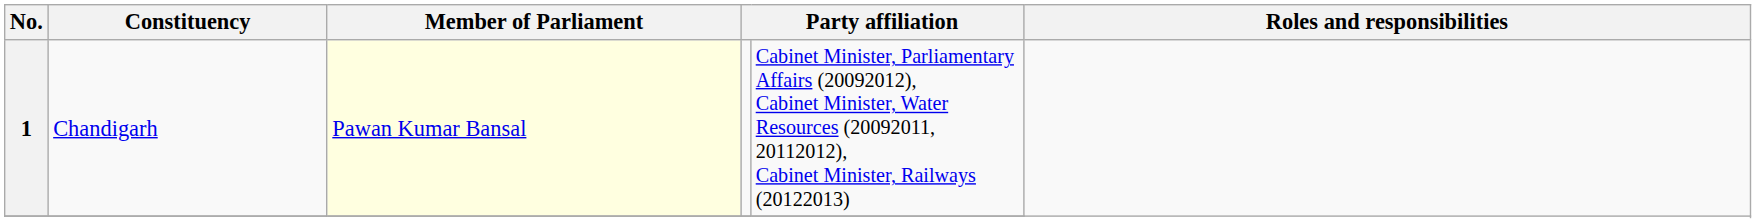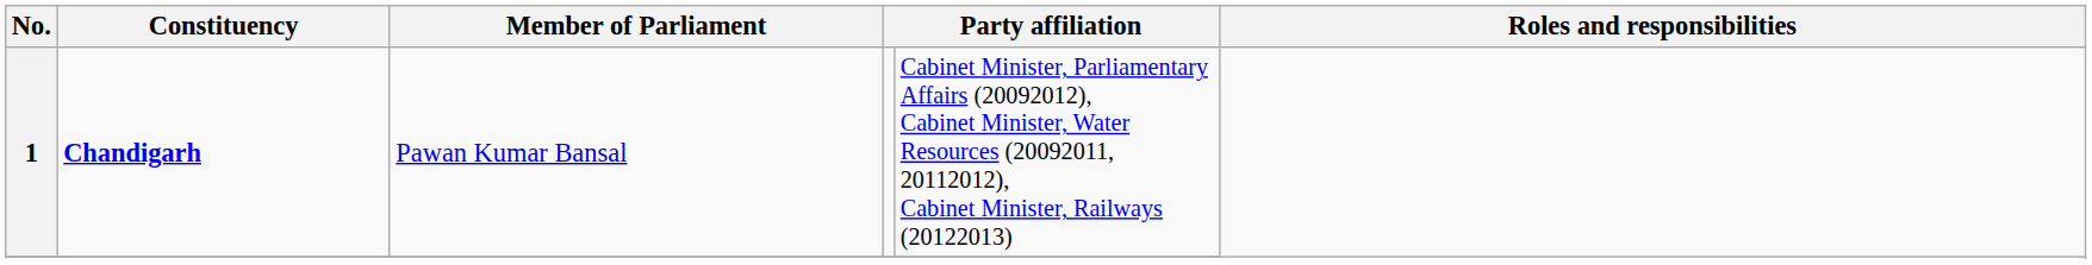 <table class="wikitable">
 <tr style="text-align:center;">
 <th>No.</th>
 <th style="width:12em">Constituency</th>
 <th style="width:18em">Member of Parliament</th>
 <th colspan="2" style="width:18em">Party affiliation</th>
 <th style="width:32em">Roles and responsibilities</th>
 </tr>
 <tr>
 <th>1</th>
-<td><a href='#'>Chandigarh</a></td>
-<td style="background: lightyellow;"><a href='#'>Pawan Kumar Bansal</a></td>
+<td><strong><a href='#'>Chandigarh</a></strong></td>
+<td><a href='#'>Pawan Kumar Bansal</a></td>
 <td></td>
 <td style="font-size:90%"><a href='#'>Cabinet Minister, Parliamentary Affairs</a> (20092012),<br><a href='#'>Cabinet Minister, Water Resources</a> (20092011, 20112012),<br><a href='#'>Cabinet Minister, Railways</a> (20122013)</td>
 </tr>
 <tr>
 </tr>
 </table>
